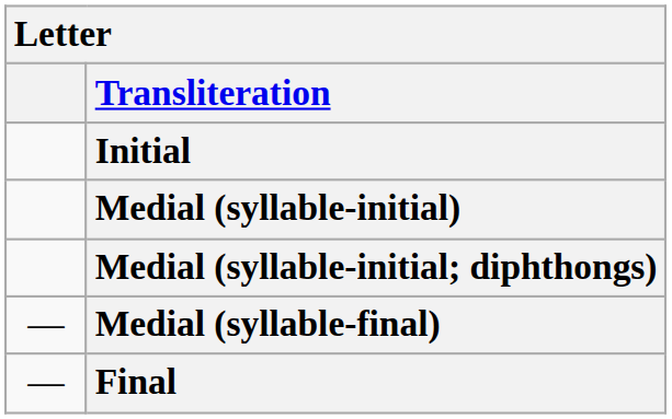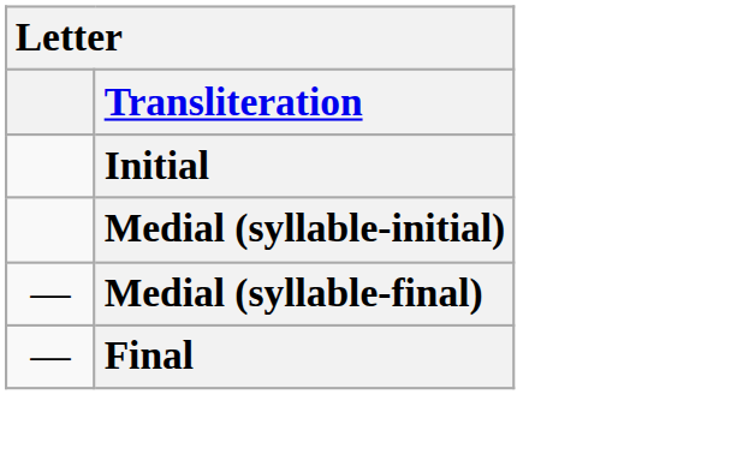 <table class="wikitable" style="text-align: center; display: inline-table;">
 <tr>
 <th colspan="2" style="text-align: left">Letter</th>
 </tr>
 <tr>
 <th style="min-width: 1.75em"></th>
 <th style="text-align: left"><a href='#'>Transliteration</a></th>
 </tr>
 <tr>
 <td></td>
 <th style="text-align: left">Initial</th>
 </tr>
 <tr>
 <td> </td>
 <th style="text-align: left">Medial (syllable-initial)</th>
 </tr>
 <tr>
-<td> </td>
-<th style="text-align: left">Medial (syllable-initial; diphthongs)</th>
-</tr>
-<tr>
 <td>—</td>
 <th style="text-align: left">Medial (syllable-final)</th>
 </tr>
 <tr>
 <td>—</td>
 <th style="text-align: left">Final</th>
 </tr>
 </table>
